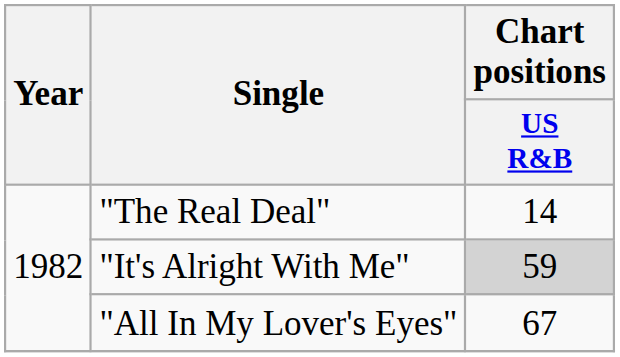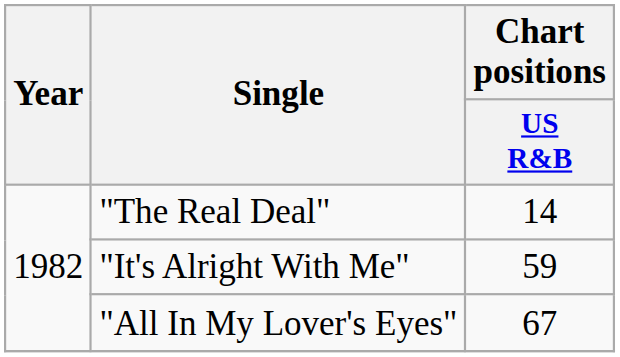 <table class="wikitable" style="text-align:center;">
 <tr>
 <th rowspan="2">Year</th>
 <th rowspan="2">Single</th>
 <th colspan="1">Chart positions</th>
 </tr>
 <tr style="font-size:smaller;">
 <th width="40"><a href='#'>US<br>R&B</a></th>
 </tr>
 <tr>
 <td rowspan="3">1982</td>
 <td align="left">"The Real Deal"</td>
 <td>14</td>
 </tr>
 <tr>
 <td align="left">"It's Alright With Me"</td>
-<td style="background: lightgrey;">59</td>
+<td>59</td>
 </tr>
 <tr>
 <td align="left">"All In My Lover's Eyes"</td>
 <td>67</td>
 </tr>
 <tr>
 </tr>
 </table>
